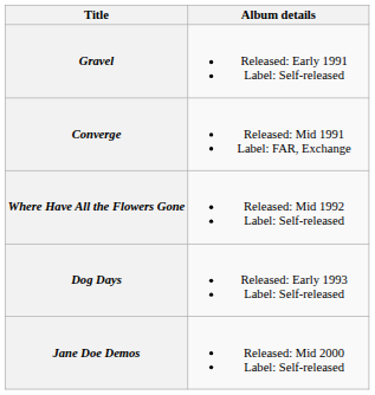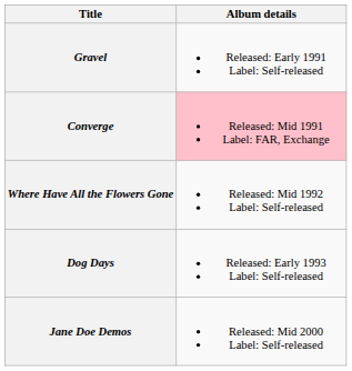 <table class="wikitable plainrowheaders" style="text-align:center;">
 <tr>
 <th>Title</th>
 <th width="225">Album details</th>
 </tr>
 <tr>
 <th scope="row"><em>Gravel</em></th>
 <td><br><ul><li>Released: Early 1991</li><li>Label: Self-released</li></ul></td>
 </tr>
 <tr>
 <th scope="row"><em>Converge</em></th>
-<td><br><ul><li>Released: Mid 1991</li><li>Label: FAR, Exchange</li></ul></td>
+<td style="background: pink;"><br><ul><li>Released: Mid 1991</li><li>Label: FAR, Exchange</li></ul></td>
 </tr>
 <tr>
 <th scope="row"><em>Where Have All the Flowers Gone</em></th>
 <td><br><ul><li>Released: Mid 1992</li><li>Label: Self-released</li></ul></td>
 </tr>
 <tr>
 <th scope="row"><em>Dog Days</em></th>
 <td><br><ul><li>Released: Early 1993</li><li>Label: Self-released</li></ul></td>
 </tr>
 <tr>
 <th scope="row"><em>Jane Doe Demos</em></th>
 <td><br><ul><li>Released: Mid 2000</li><li>Label: Self-released</li></ul></td>
 </tr>
 </table>
